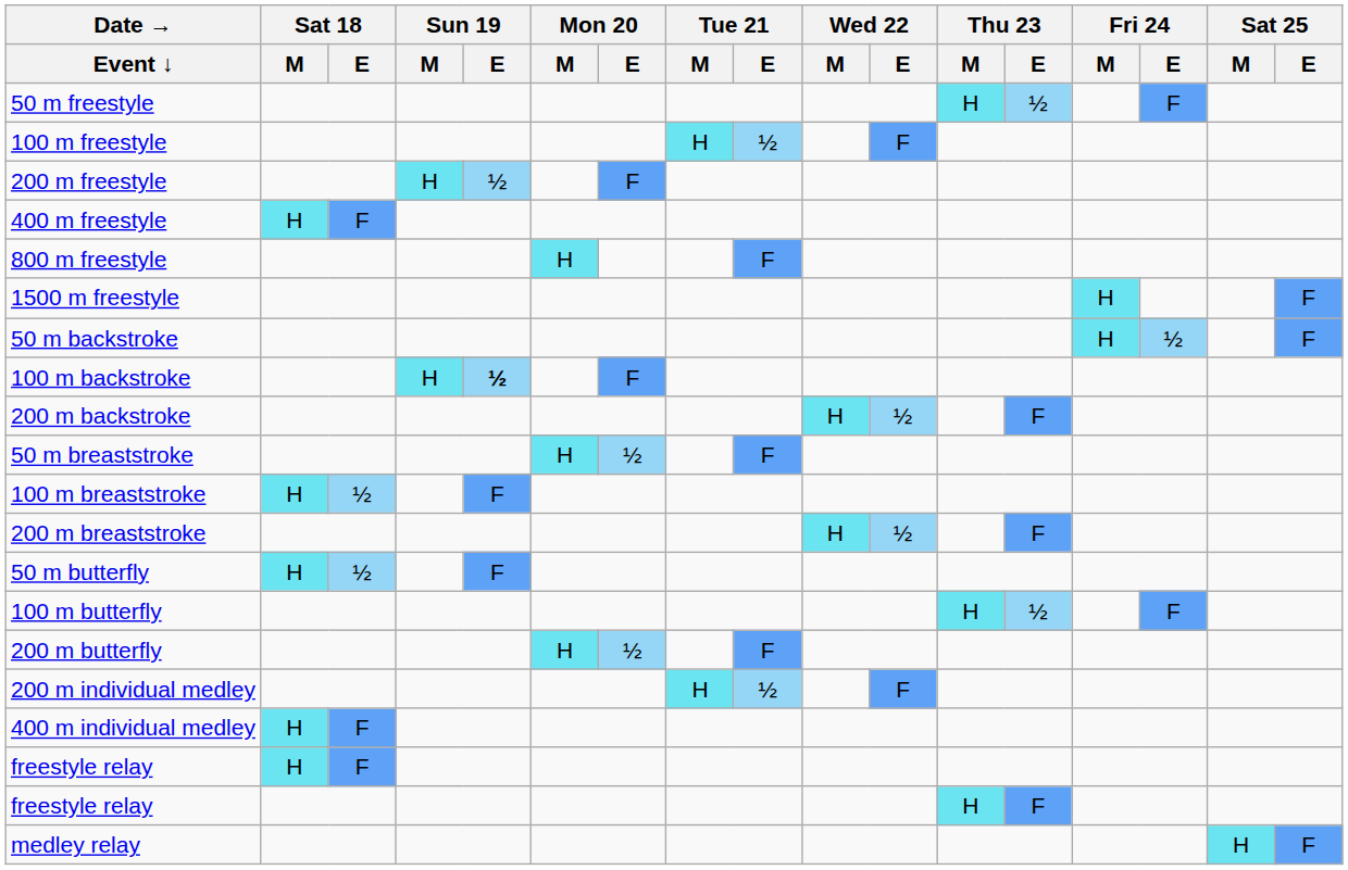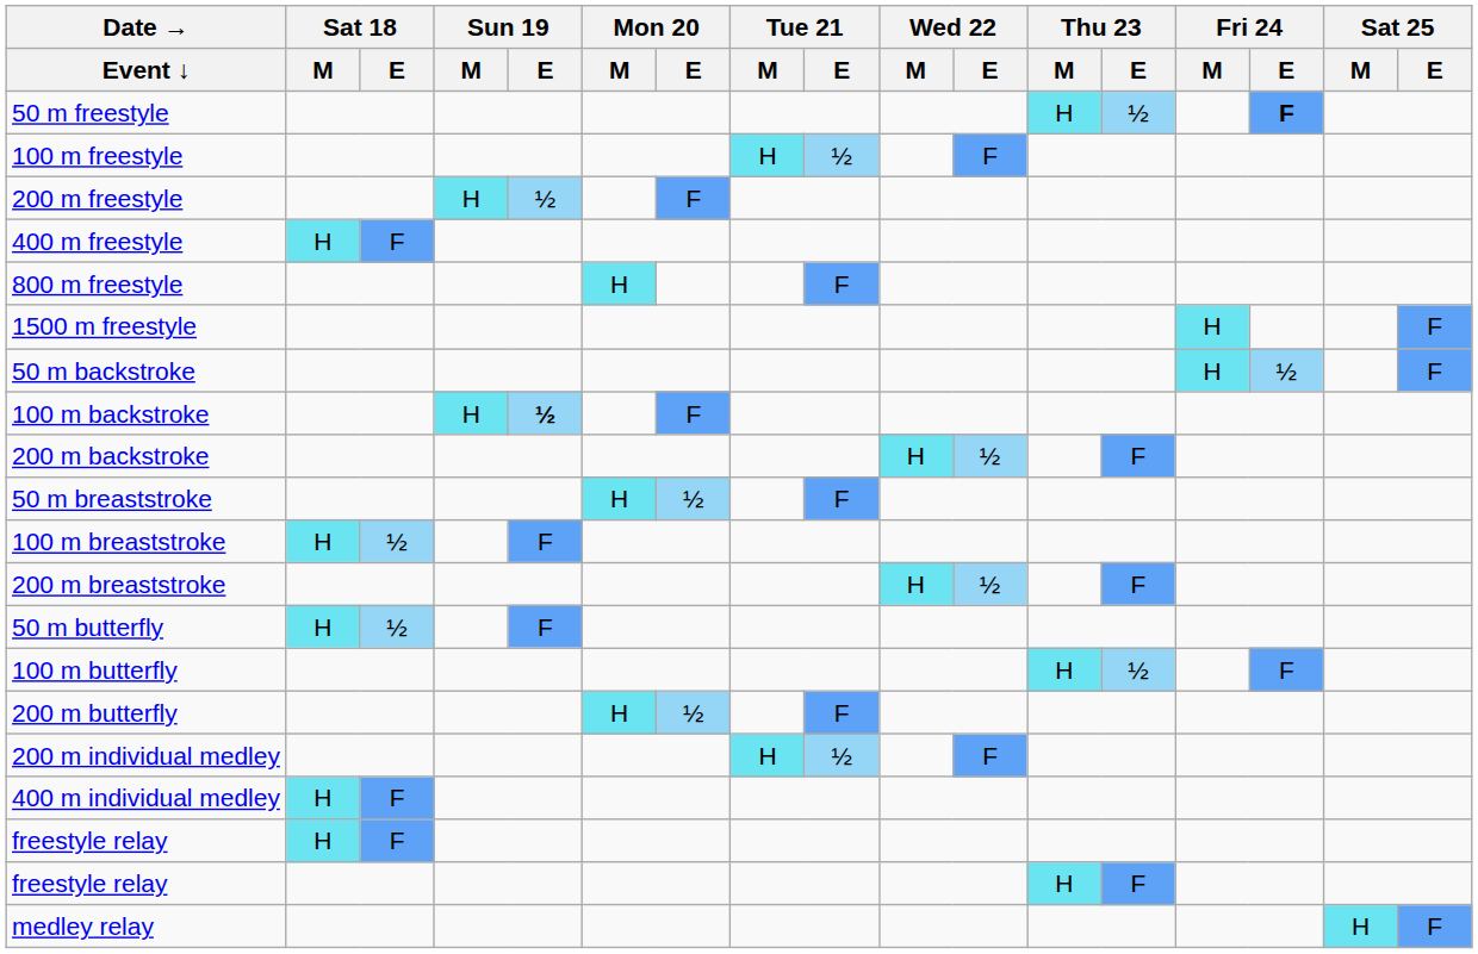 <table class="wikitable" style="margin:0.5em auto; font-size:95%; line-height:1.25em;">
 <tr style="text-align:center;">
 <th>Date →</th>
 <th colspan="2">Sat 18</th>
 <th colspan="2">Sun 19</th>
 <th colspan="2">Mon 20</th>
 <th colspan="2">Tue 21</th>
 <th colspan="2">Wed 22</th>
 <th colspan="2">Thu 23</th>
 <th colspan="2">Fri 24</th>
 <th colspan="2">Sat 25</th>
 </tr>
 <tr>
 <th>Event   ↓</th>
 <th style="width:2.5em;">M</th>
 <th style="width:2.5em;">E</th>
 <th style="width:2.5em;">M</th>
 <th style="width:2.5em;">E</th>
 <th style="width:2.5em;">M</th>
 <th style="width:2.5em;">E</th>
 <th style="width:2.5em;">M</th>
 <th style="width:2.5em;">E</th>
 <th style="width:2.5em;">M</th>
 <th style="width:2.5em;">E</th>
 <th style="width:2.5em;">M</th>
 <th style="width:2.5em;">E</th>
 <th style="width:2.5em;">M</th>
 <th style="width:2.5em;">E</th>
 <th style="width:2.5em;">M</th>
 <th style="width:2.5em;">E</th>
 </tr>
 <tr style="text-align:center;">
 <td style="text-align:left;"><a href='#'>50 m freestyle</a></td>
 <td colspan="2"></td>
 <td colspan="2"></td>
 <td colspan="2"></td>
 <td colspan="2"></td>
 <td colspan="2"></td>
 <td style="background-color:#6be4f2;">H</td>
 <td style="background-color:#95d6f7;">½</td>
 <td></td>
-<td style="background-color:#5ea2f7;">F</td>
+<td style="background-color:#5ea2f7;"><strong>F</strong></td>
 <td colspan="2"></td>
 </tr>
 <tr style="text-align:center;">
 <td style="text-align:left;"><a href='#'>100 m freestyle</a></td>
 <td colspan="2"></td>
 <td colspan="2"></td>
 <td colspan="2"></td>
 <td style="background-color:#6be4f2;">H</td>
 <td style="background-color:#95d6f7;">½</td>
 <td></td>
 <td style="background-color:#5ea2f7;">F</td>
 <td colspan="2"></td>
 <td colspan="2"></td>
 <td colspan="2"></td>
 </tr>
 <tr style="text-align:center;">
 <td style="text-align:left;"><a href='#'>200 m freestyle</a></td>
 <td colspan="2"></td>
 <td style="background-color:#6be4f2;">H</td>
 <td style="background-color:#95d6f7;">½</td>
 <td></td>
 <td style="background-color:#5ea2f7;">F</td>
 <td colspan="2"></td>
 <td colspan="2"></td>
 <td colspan="2"></td>
 <td colspan="2"></td>
 <td colspan="2"></td>
 </tr>
 <tr style="text-align:center;">
 <td style="text-align:left;"><a href='#'>400 m freestyle</a></td>
 <td style="background-color:#6be4f2;">H</td>
 <td style="background-color:#5ea2f7;">F</td>
 <td colspan="2"></td>
 <td colspan="2"></td>
 <td colspan="2"></td>
 <td colspan="2"></td>
 <td colspan="2"></td>
 <td colspan="2"></td>
 <td colspan="2"></td>
 </tr>
 <tr style="text-align:center;">
 <td style="text-align:left;"><a href='#'>800 m freestyle</a></td>
 <td colspan="2"></td>
 <td colspan="2"></td>
 <td style="background-color:#6be4f2;">H</td>
 <td></td>
 <td></td>
 <td style="background-color:#5ea2f7;">F</td>
 <td colspan="2"></td>
 <td colspan="2"></td>
 <td colspan="2"></td>
 <td colspan="2"></td>
 </tr>
 <tr style="text-align:center;">
 <td style="text-align:left;"><a href='#'>1500 m freestyle</a></td>
 <td colspan="2"></td>
 <td colspan="2"></td>
 <td colspan="2"></td>
 <td colspan="2"></td>
 <td colspan="2"></td>
 <td colspan="2"></td>
 <td style="background-color:#6be4f2;">H</td>
 <td></td>
 <td></td>
 <td style="background-color:#5ea2f7;">F</td>
 </tr>
 <tr style="text-align:center;">
 <td style="text-align:left;"><a href='#'>50 m backstroke</a></td>
 <td colspan="2"></td>
 <td colspan="2"></td>
 <td colspan="2"></td>
 <td colspan="2"></td>
 <td colspan="2"></td>
 <td colspan="2"></td>
 <td style="background-color:#6be4f2;">H</td>
 <td style="background-color:#95d6f7;">½</td>
 <td></td>
 <td style="background-color:#5ea2f7;">F</td>
 </tr>
 <tr style="text-align:center;">
 <td style="text-align:left;"><a href='#'>100 m backstroke</a></td>
 <td colspan="2"></td>
 <td style="background-color:#6be4f2;">H</td>
 <td style="background-color:#95d6f7;"><strong>½</strong></td>
 <td></td>
 <td style="background-color:#5ea2f7;">F</td>
 <td colspan="2"></td>
 <td colspan="2"></td>
 <td colspan="2"></td>
 <td colspan="2"></td>
 <td colspan="2"></td>
 </tr>
 <tr style="text-align:center;">
 <td style="text-align:left;"><a href='#'>200 m backstroke</a></td>
 <td colspan="2"></td>
 <td colspan="2"></td>
 <td colspan="2"></td>
 <td colspan="2"></td>
 <td style="background-color:#6be4f2;">H</td>
 <td style="background-color:#95d6f7;">½</td>
 <td></td>
 <td style="background-color:#5ea2f7;">F</td>
 <td colspan="2"></td>
 <td colspan="2"></td>
 </tr>
 <tr style="text-align:center;">
 <td style="text-align:left;"><a href='#'>50 m breaststroke</a></td>
 <td colspan="2"></td>
 <td colspan="2"></td>
 <td style="background-color:#6be4f2;">H</td>
 <td style="background-color:#95d6f7;">½</td>
 <td></td>
 <td style="background-color:#5ea2f7;">F</td>
 <td colspan="2"></td>
 <td colspan="2"></td>
 <td colspan="2"></td>
 <td colspan="2"></td>
 </tr>
 <tr style="text-align:center;">
 <td style="text-align:left;"><a href='#'>100 m breaststroke</a></td>
 <td style="background-color:#6be4f2;">H</td>
 <td style="background-color:#95d6f7;">½</td>
 <td></td>
 <td style="background-color:#5ea2f7;">F</td>
 <td colspan="2"></td>
 <td colspan="2"></td>
 <td colspan="2"></td>
 <td colspan="2"></td>
 <td colspan="2"></td>
 <td colspan="2"></td>
 </tr>
 <tr style="text-align:center;">
 <td style="text-align:left;"><a href='#'>200 m breaststroke</a></td>
 <td colspan="2"></td>
 <td colspan="2"></td>
 <td colspan="2"></td>
 <td colspan="2"></td>
 <td style="background-color:#6be4f2;">H</td>
 <td style="background-color:#95d6f7;">½</td>
 <td></td>
 <td style="background-color:#5ea2f7;">F</td>
 <td colspan="2"></td>
 <td colspan="2"></td>
 </tr>
 <tr style="text-align:center;">
 <td style="text-align:left;"><a href='#'>50 m butterfly</a></td>
 <td style="background-color:#6be4f2;">H</td>
 <td style="background-color:#95d6f7;">½</td>
 <td></td>
 <td style="background-color:#5ea2f7;">F</td>
 <td colspan="2"></td>
 <td colspan="2"></td>
 <td colspan="2"></td>
 <td colspan="2"></td>
 <td colspan="2"></td>
 <td colspan="2"></td>
 </tr>
 <tr style="text-align:center;">
 <td style="text-align:left;"><a href='#'>100 m butterfly</a></td>
 <td colspan="2"></td>
 <td colspan="2"></td>
 <td colspan="2"></td>
 <td colspan="2"></td>
 <td colspan="2"></td>
 <td style="background-color:#6be4f2;">H</td>
 <td style="background-color:#95d6f7;">½</td>
 <td></td>
 <td style="background-color:#5ea2f7;">F</td>
 <td colspan="2"></td>
 </tr>
 <tr style="text-align:center;">
 <td style="text-align:left;"><a href='#'>200 m butterfly</a></td>
 <td colspan="2"></td>
 <td colspan="2"></td>
 <td style="background-color:#6be4f2;">H</td>
 <td style="background-color:#95d6f7;">½</td>
 <td></td>
 <td style="background-color:#5ea2f7;">F</td>
 <td colspan="2"></td>
 <td colspan="2"></td>
 <td colspan="2"></td>
 <td colspan="2"></td>
 </tr>
 <tr style="text-align:center;">
 <td style="text-align:left;"><a href='#'>200 m individual medley</a></td>
 <td colspan="2"></td>
 <td colspan="2"></td>
 <td colspan="2"></td>
 <td style="background-color:#6be4f2;">H</td>
 <td style="background-color:#95d6f7;">½</td>
 <td></td>
 <td style="background-color:#5ea2f7;">F</td>
 <td colspan="2"></td>
 <td colspan="2"></td>
 <td colspan="2"></td>
 </tr>
 <tr style="text-align:center;">
 <td style="text-align:left;"><a href='#'>400 m individual medley</a></td>
 <td style="background-color:#6be4f2;">H</td>
 <td style="background-color:#5ea2f7;">F</td>
 <td colspan="2"></td>
 <td colspan="2"></td>
 <td colspan="2"></td>
 <td colspan="2"></td>
 <td colspan="2"></td>
 <td colspan="2"></td>
 <td colspan="2"></td>
 </tr>
 <tr style="text-align:center;">
 <td style="text-align:left;"><a href='#'> freestyle relay</a></td>
 <td style="background-color:#6be4f2;">H</td>
 <td style="background-color:#5ea2f7;">F</td>
 <td colspan="2"></td>
 <td colspan="2"></td>
 <td colspan="2"></td>
 <td colspan="2"></td>
 <td colspan="2"></td>
 <td colspan="2"></td>
 <td colspan="2"></td>
 </tr>
 <tr style="text-align:center;">
 <td style="text-align:left;"><a href='#'> freestyle relay</a></td>
 <td colspan="2"></td>
 <td colspan="2"></td>
 <td colspan="2"></td>
 <td colspan="2"></td>
 <td colspan="2"></td>
 <td style="background-color:#6be4f2;">H</td>
 <td style="background-color:#5ea2f7;">F</td>
 <td colspan="2"></td>
 <td colspan="2"></td>
 </tr>
 <tr style="text-align:center;">
 <td style="text-align:left;"><a href='#'> medley relay</a></td>
 <td colspan="2"></td>
 <td colspan="2"></td>
 <td colspan="2"></td>
 <td colspan="2"></td>
 <td colspan="2"></td>
 <td colspan="2"></td>
 <td colspan="2"></td>
 <td style="background-color:#6be4f2;">H</td>
 <td style="background-color:#5ea2f7;">F</td>
 </tr>
 </table>
